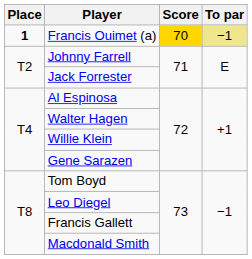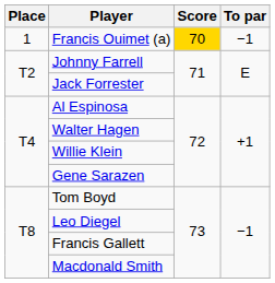 <table class="wikitable">
 <tr>
 <th>Place</th>
 <th>Player</th>
 <th>Score</th>
 <th>To par</th>
 </tr>
 <tr>
-<td align=center><strong>1</strong></td>
+<td align=center>1</td>
 <td> <a href='#'>Francis Ouimet</a> (a)</td>
 <td align=center style="background: gold;">70</td>
-<td align=center style="background: khaki;">−1</td>
+<td align=center>−1</td>
 </tr>
 <tr>
 <td rowspan=2 align=center>T2</td>
 <td> <a href='#'>Johnny Farrell</a></td>
 <td rowspan=2 align=center>71</td>
 <td rowspan=2 align=center>E</td>
 </tr>
 <tr>
 <td> <a href='#'>Jack Forrester</a></td>
 </tr>
 <tr>
 <td rowspan=4 align=center>T4</td>
 <td> <a href='#'>Al Espinosa</a></td>
 <td rowspan=4 align=center>72</td>
 <td rowspan=4 align=center>+1</td>
 </tr>
 <tr>
 <td> <a href='#'>Walter Hagen</a></td>
 </tr>
 <tr>
 <td> <a href='#'>Willie Klein</a></td>
 </tr>
 <tr>
 <td> <a href='#'>Gene Sarazen</a></td>
 </tr>
 <tr>
 <td rowspan=4 align=center>T8</td>
 <td> Tom Boyd</td>
 <td rowspan=4 align=center>73</td>
 <td rowspan=4 align=center>−1</td>
 </tr>
 <tr>
 <td> <a href='#'>Leo Diegel</a></td>
 </tr>
 <tr>
 <td> Francis Gallett  </td>
 </tr>
 <tr>
 <td> <a href='#'>Macdonald Smith</a></td>
 </tr>
 </table>
